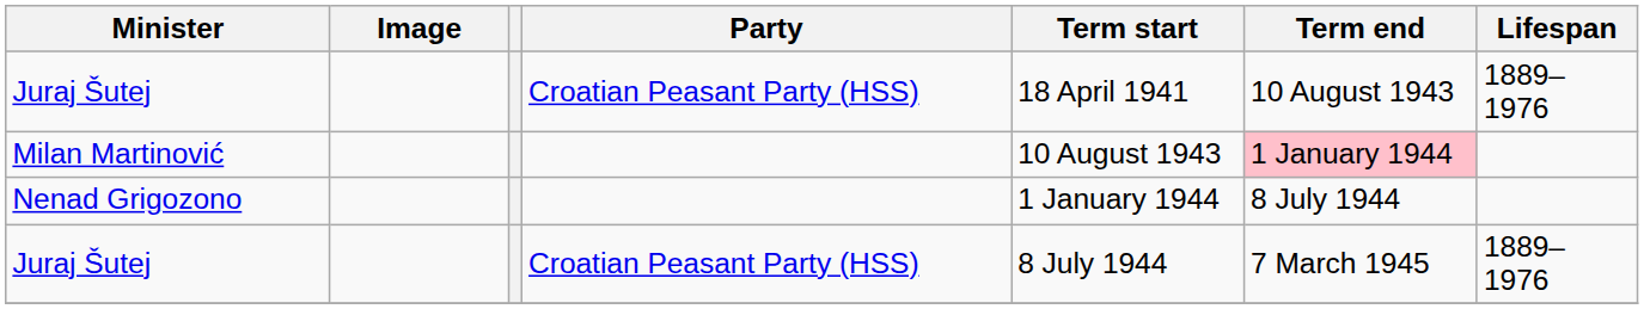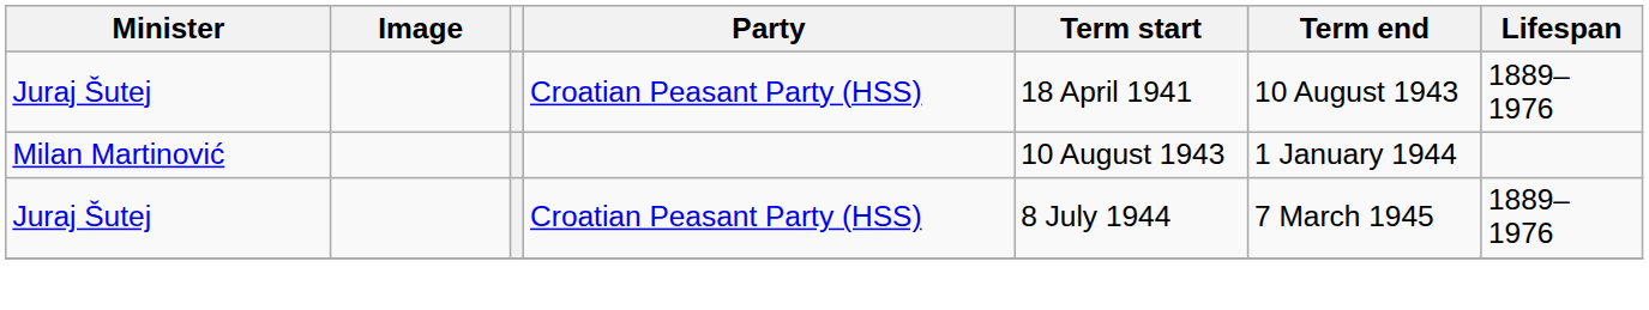 <table class="wikitable" style="text-align: left;">
 <tr>
 <th width="170">Minister</th>
 <th width="90">Image</th>
 <th></th>
 <th width="260">Party</th>
 <th width="120">Term start</th>
 <th width="120">Term end</th>
 <th width="80">Lifespan</th>
 </tr>
 <tr>
 <td><a href='#'>Juraj Šutej</a></td>
 <td></td>
 <th style="background:"></th>
 <td><a href='#'>Croatian Peasant Party (HSS)</a></td>
 <td>18 April 1941</td>
 <td>10 August 1943</td>
 <td>1889–1976</td>
 </tr>
 <tr>
 <td><a href='#'>Milan Martinović</a></td>
 <td></td>
 <th style="background:"></th>
 <td></td>
 <td>10 August 1943</td>
-<td style="background: pink;">1 January 1944</td>
-<td></td>
-</tr>
-<tr>
-<td><a href='#'>Nenad Grigozono</a></td>
-<td></td>
-<th style="background:"></th>
-<td></td>
 <td>1 January 1944</td>
-<td>8 July 1944</td>
 <td></td>
 </tr>
 <tr>
 <td><a href='#'>Juraj Šutej</a></td>
 <td></td>
 <th style="background:"></th>
 <td><a href='#'>Croatian Peasant Party (HSS)</a></td>
 <td>8 July 1944</td>
 <td>7 March 1945</td>
 <td>1889–1976</td>
 </tr>
 <tr>
 </tr>
 </table>
